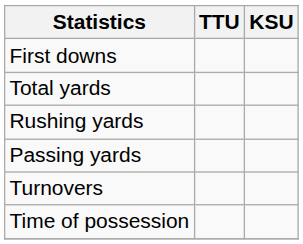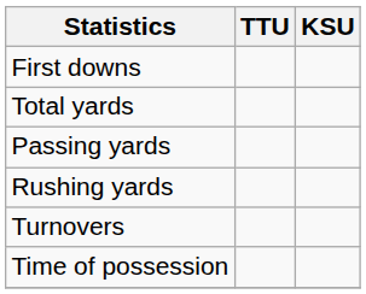 <table class="wikitable" style="float: left;">
 <tr>
 <th>Statistics</th>
 <th>TTU</th>
 <th>KSU</th>
 </tr>
 <tr>
 <td>First downs</td>
 <td></td>
 <td></td>
 </tr>
 <tr>
 <td>Total yards</td>
 <td></td>
 <td></td>
 </tr>
 <tr>
-<td>Rushing yards</td>
+<td>Passing yards</td>
 <td></td>
 <td></td>
 </tr>
 <tr>
-<td>Passing yards</td>
+<td>Rushing yards</td>
 <td></td>
 <td></td>
 </tr>
 <tr>
 <td>Turnovers</td>
 <td></td>
 <td></td>
 </tr>
 <tr>
 <td>Time of possession</td>
 <td></td>
 <td></td>
 </tr>
 <tr>
 </tr>
 </table>
